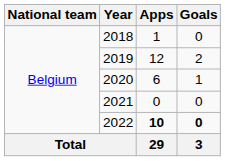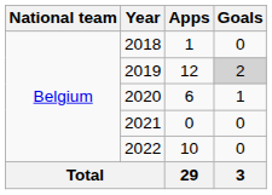 <table class="wikitable" style="text-align:center">
 <tr>
 <th>National team</th>
 <th>Year</th>
 <th>Apps</th>
 <th>Goals</th>
 </tr>
 <tr>
 <td rowspan=5><a href='#'>Belgium</a></td>
 <td>2018</td>
 <td>1</td>
 <td>0</td>
 </tr>
 <tr>
 <td>2019</td>
 <td>12</td>
-<td>2</td>
+<td style="background: lightgrey;">2</td>
 </tr>
 <tr>
 <td>2020</td>
 <td>6</td>
 <td>1</td>
 </tr>
 <tr>
 <td>2021</td>
 <td>0</td>
 <td>0</td>
 </tr>
 <tr>
 <td>2022</td>
-<td><strong>10</strong></td>
-<td><strong>0</strong></td>
+<td>10</td>
+<td>0</td>
 </tr>
 <tr>
 <th colspan=2>Total</th>
 <th>29</th>
 <th>3</th>
 </tr>
 </table>
